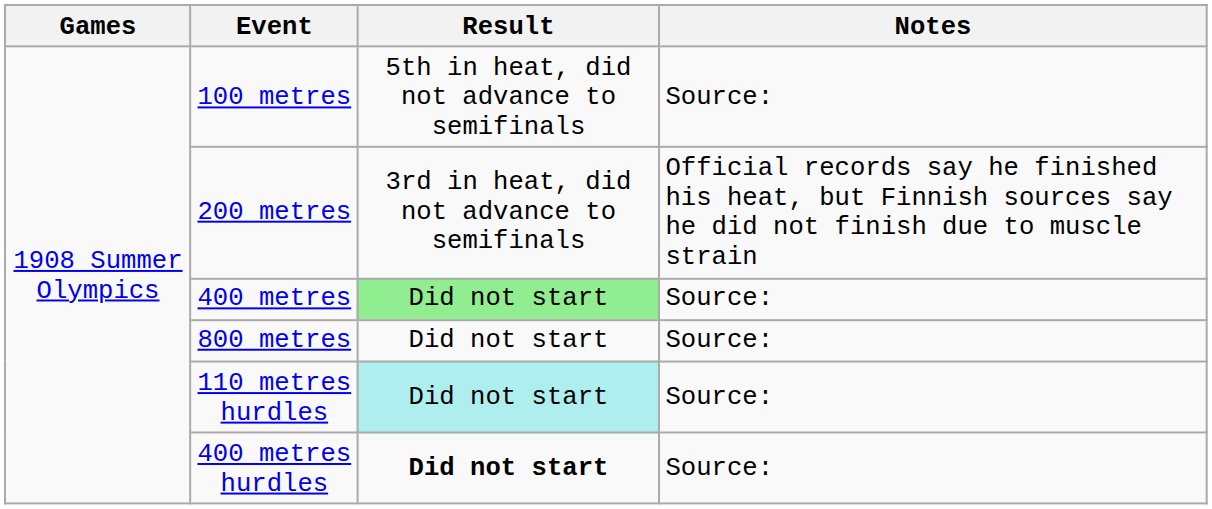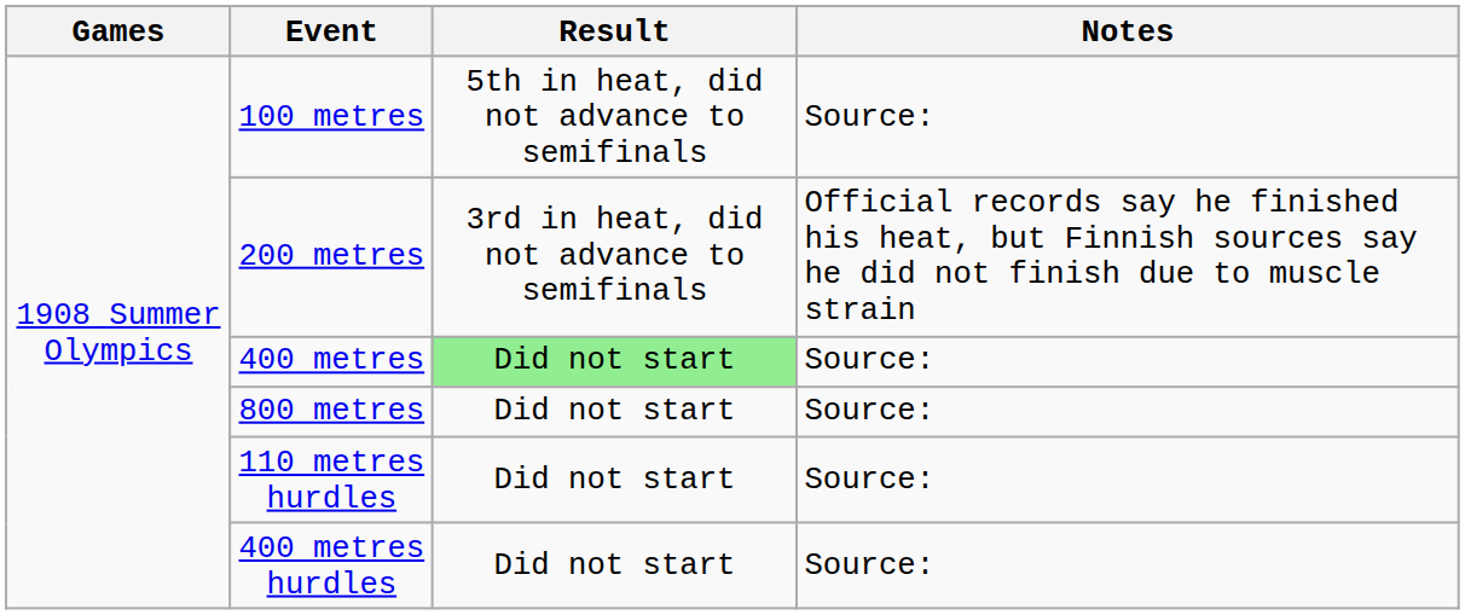 <table class="wikitable" style=" text-align:center;">
 <tr>
 <th>Games</th>
 <th>Event</th>
 <th>Result</th>
 <th>Notes</th>
 </tr>
 <tr>
 <td rowspan=6><a href='#'>1908 Summer Olympics</a></td>
 <td><a href='#'>100 metres</a></td>
 <td>5th in heat, did not advance to semifinals</td>
 <td align=left>Source:</td>
 </tr>
 <tr>
 <td><a href='#'>200 metres</a></td>
 <td>3rd in heat, did not advance to semifinals</td>
 <td align=left>Official records say he finished his heat, but Finnish sources say he did not finish due to muscle strain</td>
 </tr>
 <tr>
 <td><a href='#'>400 metres</a></td>
 <td style="background: lightgreen;">Did not start</td>
 <td align=left>Source:</td>
 </tr>
 <tr>
 <td><a href='#'>800 metres</a></td>
 <td>Did not start</td>
 <td align=left>Source:</td>
 </tr>
 <tr>
 <td><a href='#'>110 metres hurdles</a></td>
-<td style="background: paleturquoise;">Did not start</td>
+<td>Did not start</td>
 <td align=left>Source:</td>
 </tr>
 <tr>
 <td><a href='#'>400 metres hurdles</a></td>
-<td><strong>Did not start</strong></td>
+<td>Did not start</td>
 <td align=left>Source:</td>
 </tr>
 </table>
